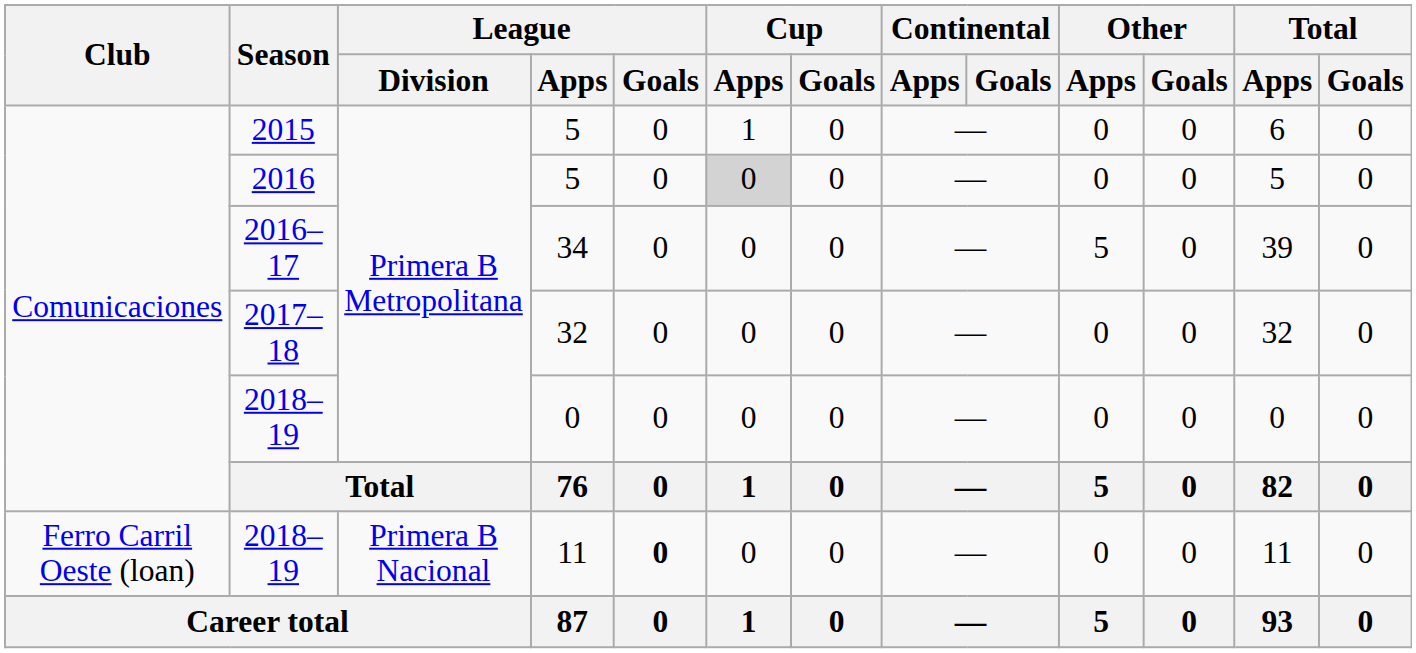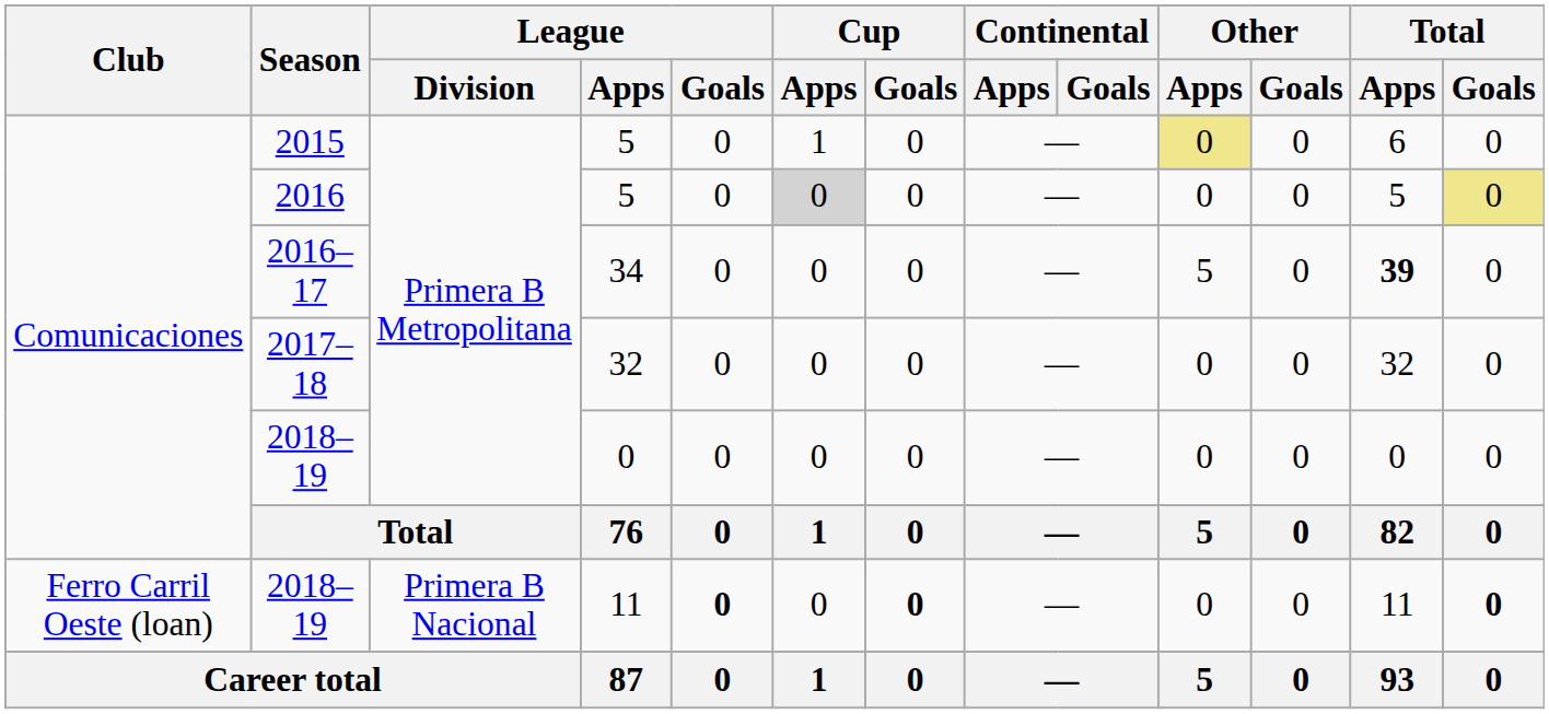 <table class="wikitable" style="text-align:center">
 <tr>
 <th rowspan="2">Club</th>
 <th rowspan="2">Season</th>
 <th colspan="3">League</th>
 <th colspan="2">Cup</th>
 <th colspan="2">Continental</th>
 <th colspan="2">Other</th>
 <th colspan="2">Total</th>
 </tr>
 <tr>
 <th>Division</th>
 <th>Apps</th>
 <th>Goals</th>
 <th>Apps</th>
 <th>Goals</th>
 <th>Apps</th>
 <th>Goals</th>
 <th>Apps</th>
 <th>Goals</th>
 <th>Apps</th>
 <th>Goals</th>
 </tr>
 <tr>
 <td rowspan="6"><a href='#'>Comunicaciones</a></td>
 <td><a href='#'>2015</a></td>
 <td rowspan="5"><a href='#'>Primera B Metropolitana</a></td>
 <td>5</td>
 <td>0</td>
 <td>1</td>
 <td>0</td>
 <td colspan="2">—</td>
-<td>0</td>
+<td style="background: khaki;">0</td>
 <td>0</td>
 <td>6</td>
 <td>0</td>
 </tr>
 <tr>
 <td><a href='#'>2016</a></td>
 <td>5</td>
 <td>0</td>
 <td style="background: lightgrey;">0</td>
 <td>0</td>
 <td colspan="2">—</td>
 <td>0</td>
 <td>0</td>
 <td>5</td>
-<td>0</td>
+<td style="background: khaki;">0</td>
 </tr>
 <tr>
 <td><a href='#'>2016–17</a></td>
 <td>34</td>
 <td>0</td>
 <td>0</td>
 <td>0</td>
 <td colspan="2">—</td>
 <td>5</td>
 <td>0</td>
-<td>39</td>
+<td><strong>39</strong></td>
 <td>0</td>
 </tr>
 <tr>
 <td><a href='#'>2017–18</a></td>
 <td>32</td>
 <td>0</td>
 <td>0</td>
 <td>0</td>
 <td colspan="2">—</td>
 <td>0</td>
 <td>0</td>
 <td>32</td>
 <td>0</td>
 </tr>
 <tr>
 <td><a href='#'>2018–19</a></td>
 <td>0</td>
 <td>0</td>
 <td>0</td>
 <td>0</td>
 <td colspan="2">—</td>
 <td>0</td>
 <td>0</td>
 <td>0</td>
 <td>0</td>
 </tr>
 <tr>
 <th colspan="2">Total</th>
 <th>76</th>
 <th>0</th>
 <th>1</th>
 <th>0</th>
 <th colspan="2">—</th>
 <th>5</th>
 <th>0</th>
 <th>82</th>
 <th>0</th>
 </tr>
 <tr>
 <td rowspan="1"><a href='#'>Ferro Carril Oeste</a> (loan)</td>
 <td><a href='#'>2018–19</a></td>
 <td rowspan="1"><a href='#'>Primera B Nacional</a></td>
 <td>11</td>
 <td><strong>0</strong></td>
 <td>0</td>
-<td>0</td>
+<td><strong>0</strong></td>
 <td colspan="2">—</td>
 <td>0</td>
 <td>0</td>
 <td>11</td>
-<td>0</td>
+<td><strong>0</strong></td>
 </tr>
 <tr>
 <th colspan="3">Career total</th>
 <th>87</th>
 <th>0</th>
 <th>1</th>
 <th>0</th>
 <th colspan="2">—</th>
 <th>5</th>
 <th>0</th>
 <th>93</th>
 <th>0</th>
 </tr>
 </table>
